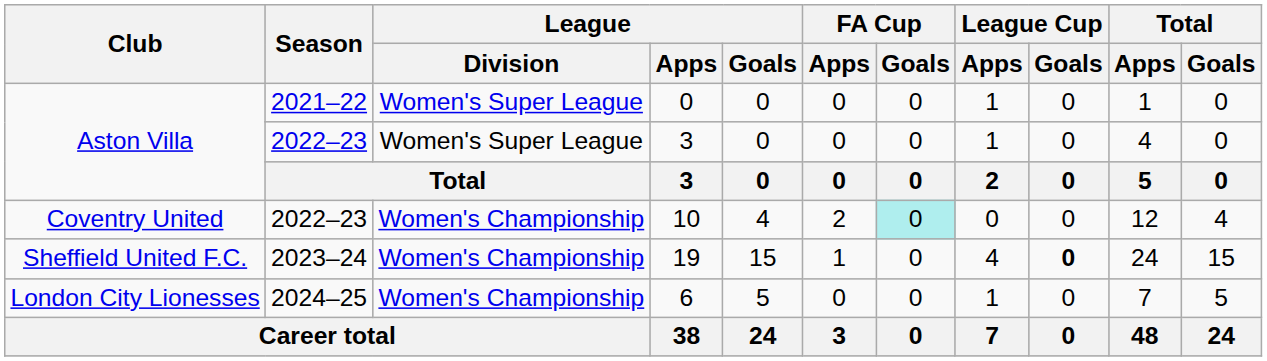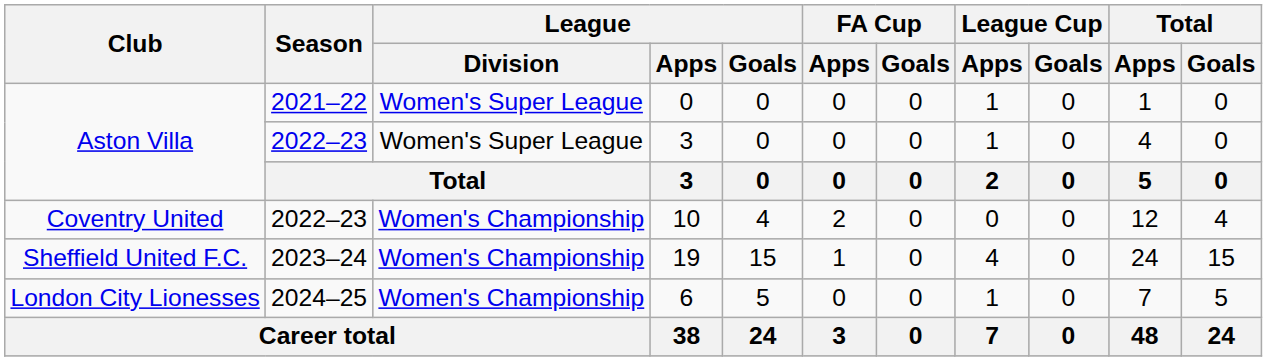 <table class="wikitable" style="text-align:center">
 <tr>
 <th rowspan="2">Club</th>
 <th rowspan="2">Season</th>
 <th colspan="3">League</th>
 <th colspan="2">FA Cup</th>
 <th colspan="2">League Cup</th>
 <th colspan="2">Total</th>
 </tr>
 <tr>
 <th>Division</th>
 <th>Apps</th>
 <th>Goals</th>
 <th>Apps</th>
 <th>Goals</th>
 <th>Apps</th>
 <th>Goals</th>
 <th>Apps</th>
 <th>Goals</th>
 </tr>
 <tr>
 <td rowspan="3"><a href='#'>Aston Villa</a></td>
 <td><a href='#'>2021–22</a></td>
 <td><a href='#'>Women's Super League</a></td>
 <td>0</td>
 <td>0</td>
 <td>0</td>
 <td>0</td>
 <td>1</td>
 <td>0</td>
 <td>1</td>
 <td>0</td>
 </tr>
 <tr>
 <td><a href='#'>2022–23</a></td>
 <td>Women's Super League</td>
 <td>3</td>
 <td>0</td>
 <td>0</td>
 <td>0</td>
 <td>1</td>
 <td>0</td>
 <td>4</td>
 <td>0</td>
 </tr>
 <tr>
 <th colspan="2">Total</th>
 <th>3</th>
 <th>0</th>
 <th>0</th>
 <th>0</th>
 <th>2</th>
 <th>0</th>
 <th>5</th>
 <th>0</th>
 </tr>
 <tr>
 <td><a href='#'>Coventry United</a></td>
 <td>2022–23</td>
 <td><a href='#'>Women's Championship</a></td>
 <td>10</td>
 <td>4</td>
 <td>2</td>
-<td style="background: paleturquoise;">0</td>
+<td>0</td>
 <td>0</td>
 <td>0</td>
 <td>12</td>
 <td>4</td>
 </tr>
 <tr>
 <td><a href='#'>Sheffield United F.C.</a></td>
 <td>2023–24</td>
 <td><a href='#'>Women's Championship</a></td>
 <td>19</td>
 <td>15</td>
 <td>1</td>
 <td>0</td>
 <td>4</td>
-<td><strong>0</strong></td>
+<td>0</td>
 <td>24</td>
 <td>15</td>
 </tr>
 <tr>
 <td><a href='#'>London City Lionesses</a></td>
 <td>2024–25</td>
 <td><a href='#'>Women's Championship</a></td>
 <td>6</td>
 <td>5</td>
 <td>0</td>
 <td>0</td>
 <td>1</td>
 <td>0</td>
 <td>7</td>
 <td>5</td>
 </tr>
 <tr>
 <th colspan="3">Career total</th>
 <th>38</th>
 <th>24</th>
 <th>3</th>
 <th>0</th>
 <th>7</th>
 <th>0</th>
 <th>48</th>
 <th>24</th>
 </tr>
 </table>
